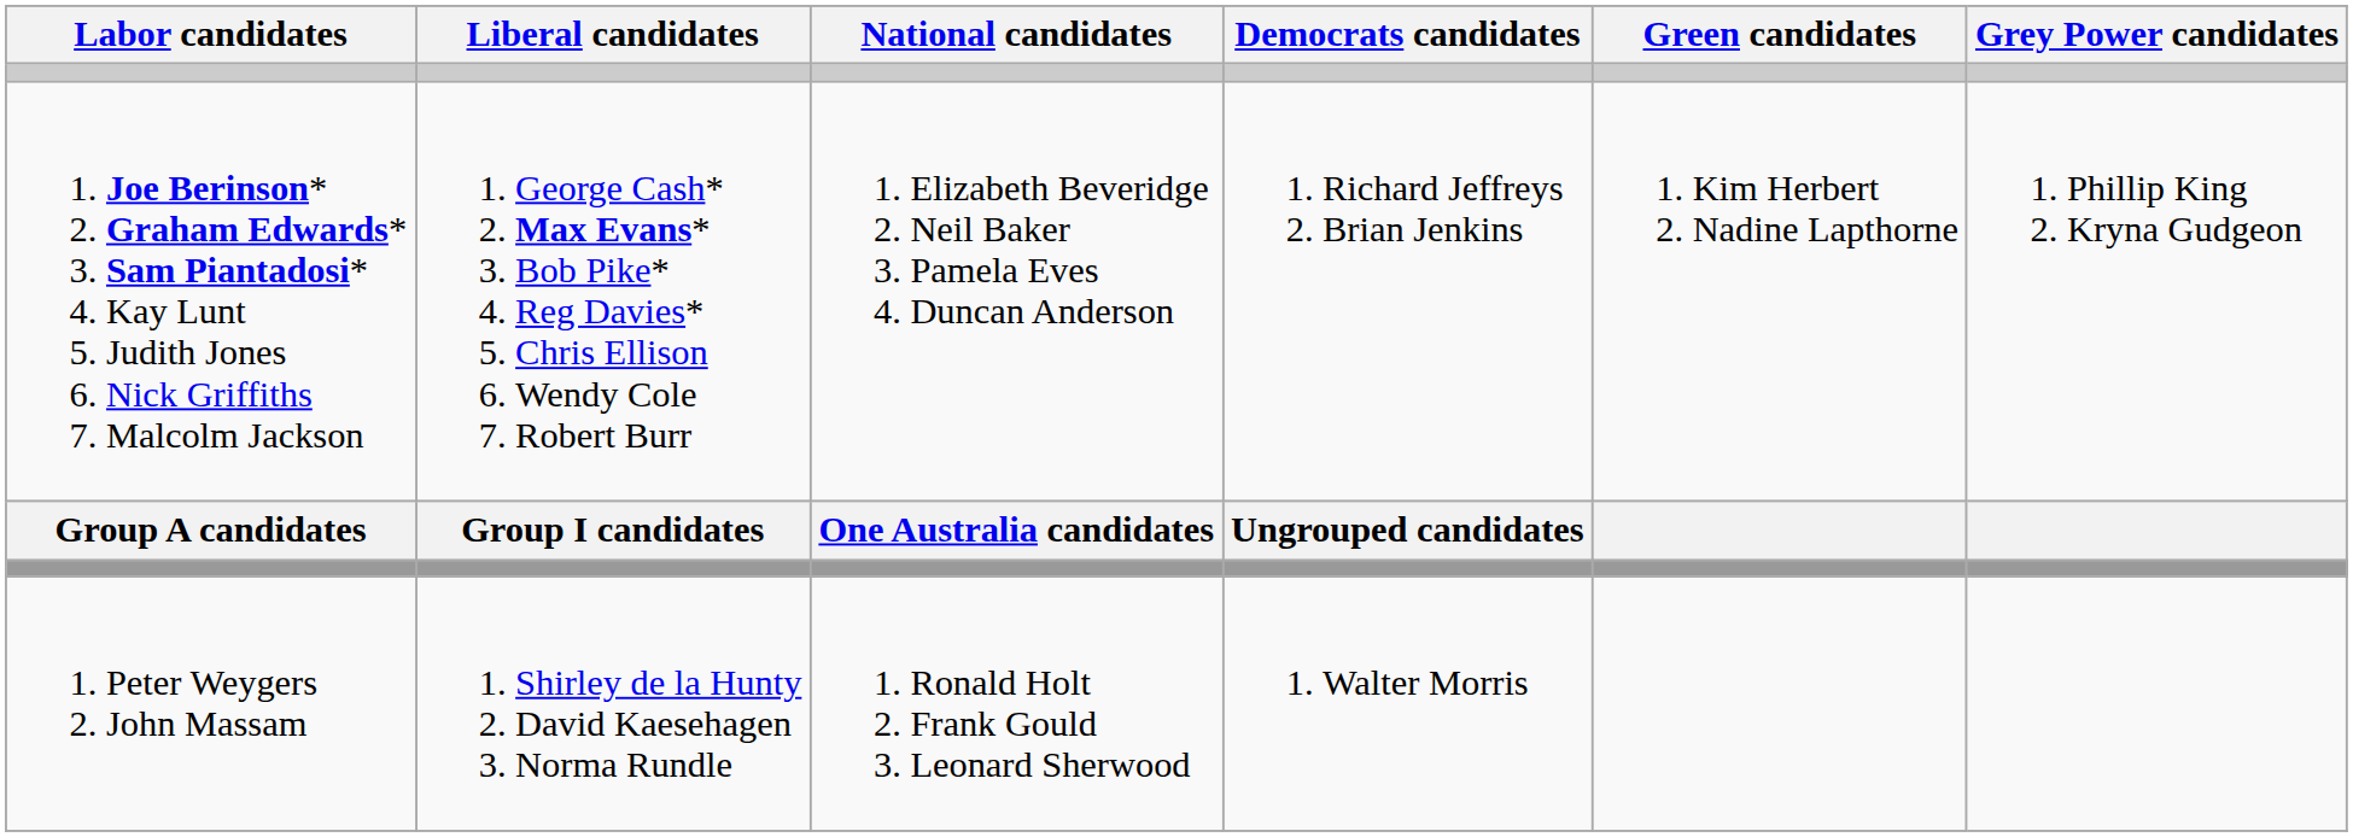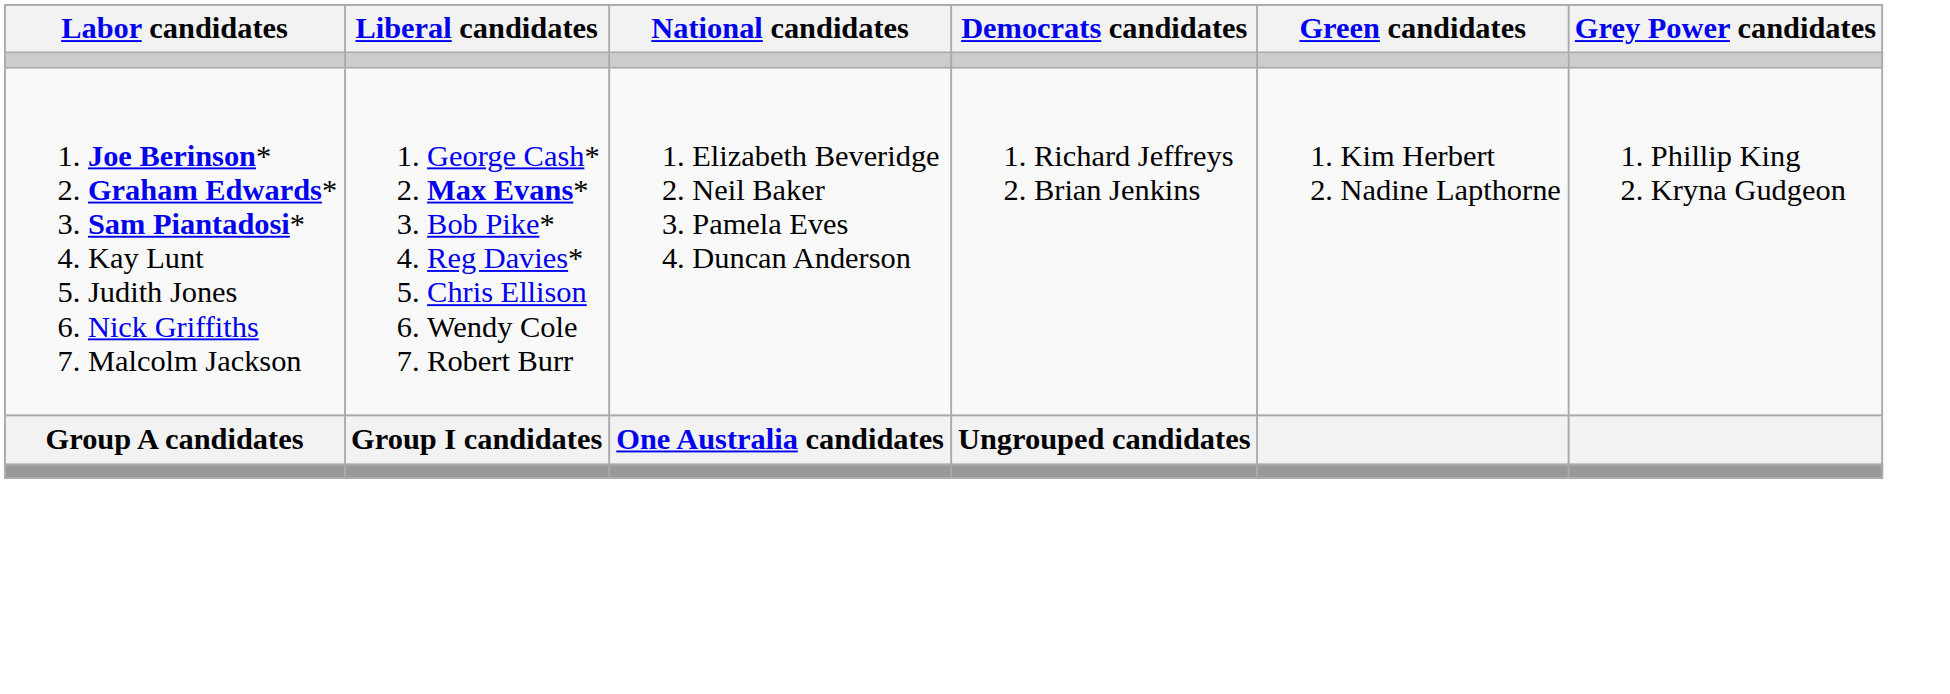 <table class="wikitable">
 <tr>
 <th><a href='#'>Labor</a> candidates</th>
 <th><a href='#'>Liberal</a> candidates</th>
 <th><a href='#'>National</a> candidates</th>
 <th><a href='#'>Democrats</a> candidates</th>
 <th><a href='#'>Green</a> candidates</th>
 <th><a href='#'>Grey Power</a> candidates</th>
 </tr>
 <tr bgcolor="#cccccc">
 <td></td>
 <td></td>
 <td></td>
 <td></td>
 <td></td>
 <td></td>
 </tr>
 <tr>
 <td><br><ol><li><strong><a href='#'>Joe Berinson</a></strong>*</li><li><strong><a href='#'>Graham Edwards</a></strong>*</li><li><strong><a href='#'>Sam Piantadosi</a></strong>*</li><li>Kay Lunt</li><li>Judith Jones</li><li><a href='#'>Nick Griffiths</a></li><li>Malcolm Jackson</li></ol></td>
 <td><br><ol><li><a href='#'>George Cash</a>*</li><li><strong><a href='#'>Max Evans</a></strong>*</li><li><a href='#'>Bob Pike</a>*</li><li><a href='#'>Reg Davies</a>*</li><li><a href='#'>Chris Ellison</a></li><li>Wendy Cole</li><li>Robert Burr</li></ol></td>
 <td valign=top><br><ol><li>Elizabeth Beveridge</li><li>Neil Baker</li><li>Pamela Eves</li><li>Duncan Anderson</li></ol></td>
 <td valign=top><br><ol><li>Richard Jeffreys</li><li>Brian Jenkins</li></ol></td>
 <td valign=top><br><ol><li>Kim Herbert</li><li>Nadine Lapthorne</li></ol></td>
 <td valign=top><br><ol><li>Phillip King</li><li>Kryna Gudgeon</li></ol></td>
 </tr>
 <tr bgcolor="#cccccc">
 <th>Group A candidates</th>
 <th>Group I candidates</th>
 <th><a href='#'>One Australia</a> candidates</th>
 <th>Ungrouped candidates</th>
 <th></th>
 <th></th>
 </tr>
 <tr bgcolor="#999999">
 <td bgcolor="#999999"></td>
 <td bgcolor="#999999"></td>
 <td bgcolor="#999999"></td>
 <td bgcolor="#999999"></td>
 <td bgcolor="#999999"></td>
 <td bgcolor="#999999"></td>
 </tr>
-<tr>
-<td valign=top><br><ol><li>Peter Weygers</li><li>John Massam</li></ol></td>
-<td valign=top><br><ol><li><a href='#'>Shirley de la Hunty</a></li><li>David Kaesehagen</li><li>Norma Rundle</li></ol></td>
-<td valign=top><br><ol><li>Ronald Holt</li><li>Frank Gould</li><li>Leonard Sherwood</li></ol></td>
-<td valign=top><br><ol><li>Walter Morris</li></ol></td>
-<td valign=top></td>
-<td valign=top></td>
-</tr>
 </table>
